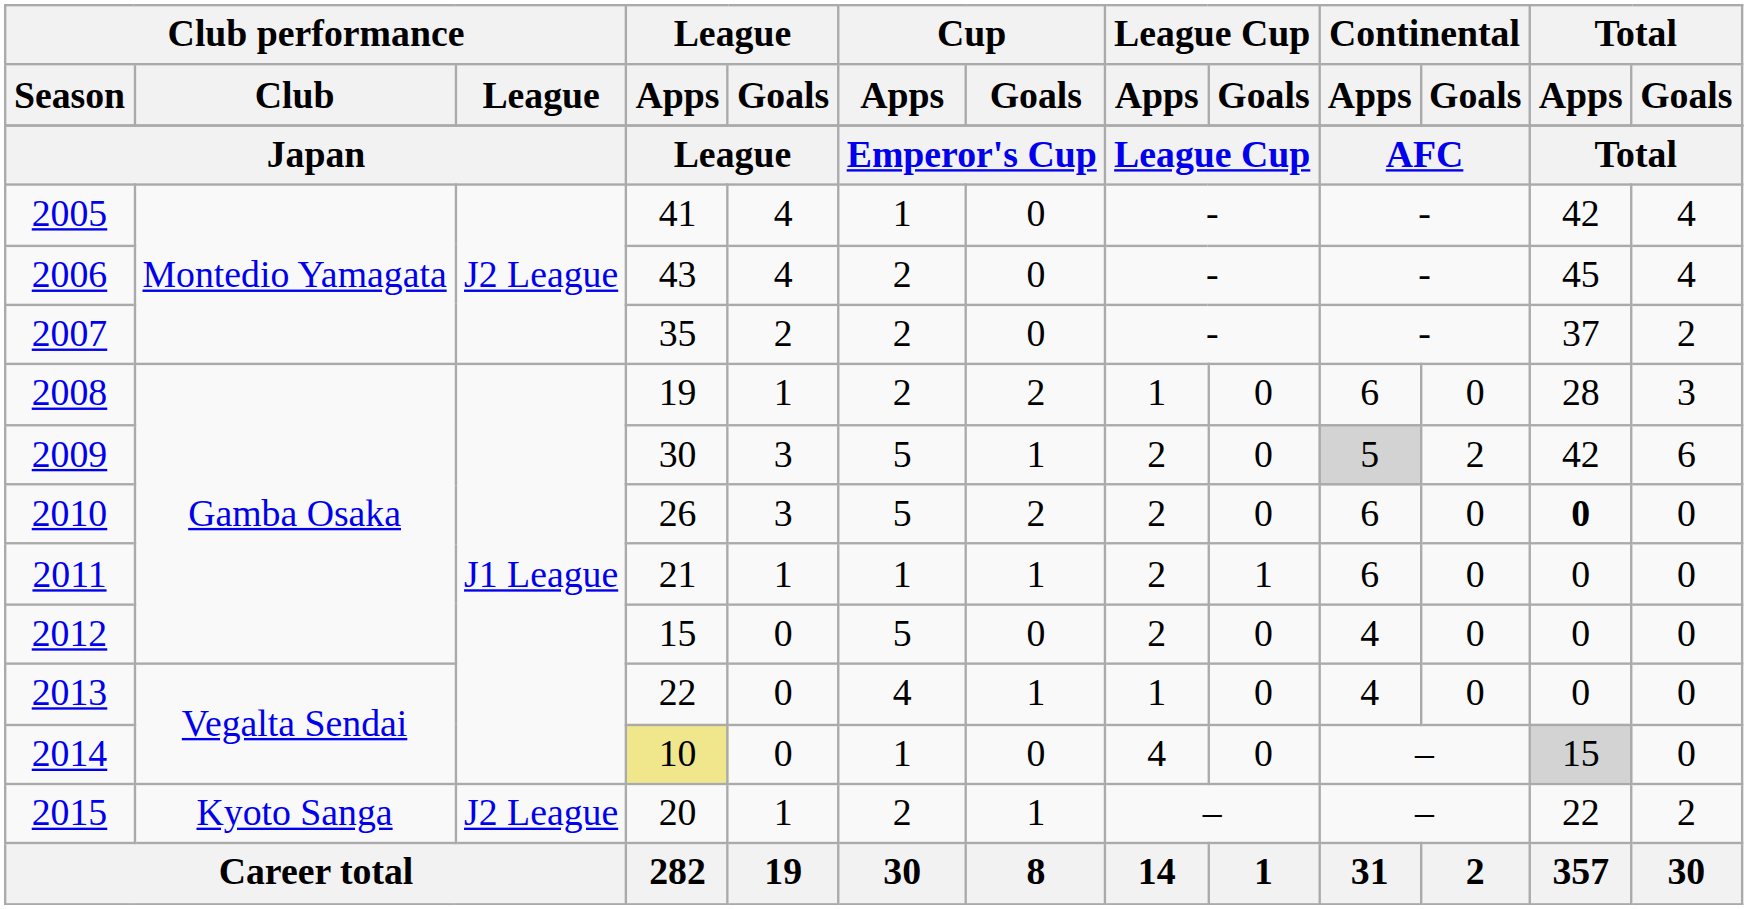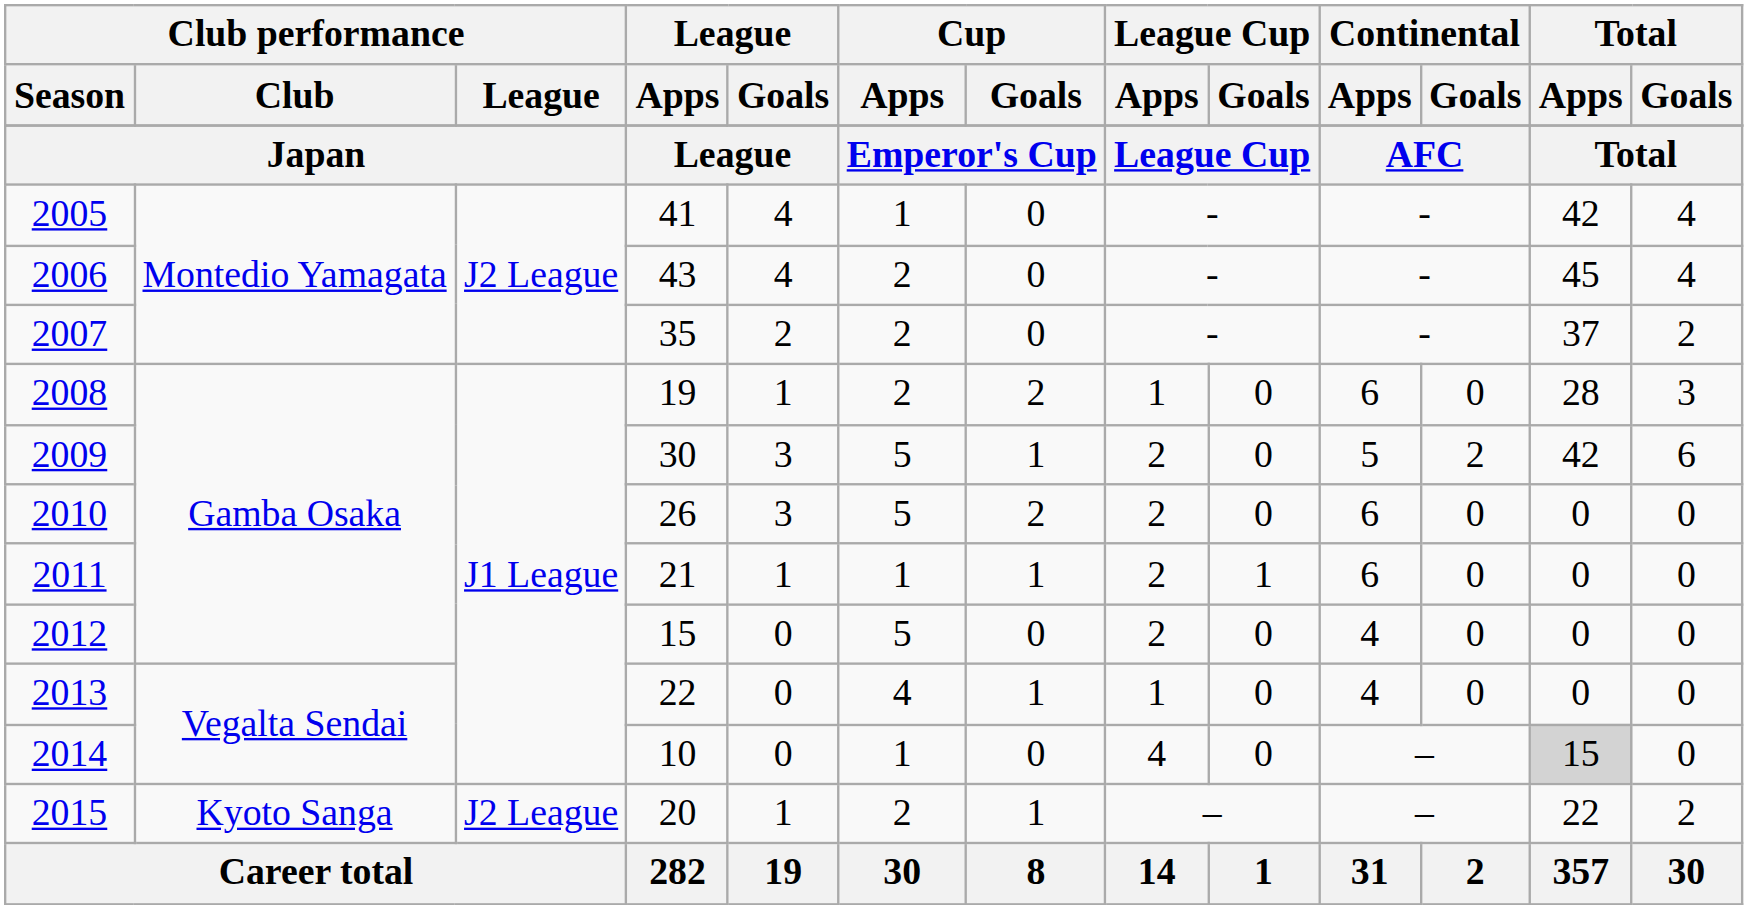 <table class="wikitable" style="text-align:center">
 <tr>
 <th colspan=3>Club performance</th>
 <th colspan=2>League</th>
 <th colspan=2>Cup</th>
 <th colspan=2>League Cup</th>
 <th colspan=2>Continental</th>
 <th colspan=2>Total</th>
 </tr>
 <tr>
 <th>Season</th>
 <th>Club</th>
 <th>League</th>
 <th>Apps</th>
 <th>Goals</th>
 <th>Apps</th>
 <th>Goals</th>
 <th>Apps</th>
 <th>Goals</th>
 <th>Apps</th>
 <th>Goals</th>
 <th>Apps</th>
 <th>Goals</th>
 </tr>
 <tr>
 </tr>
 <tr>
 <th colspan=3>Japan</th>
 <th colspan=2>League</th>
 <th colspan=2><a href='#'>Emperor's Cup</a></th>
 <th colspan=2><a href='#'>League Cup</a></th>
 <th colspan=2><a href='#'>AFC</a></th>
 <th colspan=2>Total</th>
 </tr>
 <tr>
 <td><a href='#'>2005</a></td>
 <td rowspan="3"><a href='#'>Montedio Yamagata</a></td>
 <td rowspan="3"><a href='#'>J2 League</a></td>
 <td>41</td>
 <td>4</td>
 <td>1</td>
 <td>0</td>
 <td colspan="2">-</td>
 <td colspan="2">-</td>
 <td>42</td>
 <td>4</td>
 </tr>
 <tr>
 <td><a href='#'>2006</a></td>
 <td>43</td>
 <td>4</td>
 <td>2</td>
 <td>0</td>
 <td colspan="2">-</td>
 <td colspan="2">-</td>
 <td>45</td>
 <td>4</td>
 </tr>
 <tr>
 <td><a href='#'>2007</a></td>
 <td>35</td>
 <td>2</td>
 <td>2</td>
 <td>0</td>
 <td colspan="2">-</td>
 <td colspan="2">-</td>
 <td>37</td>
 <td>2</td>
 </tr>
 <tr>
 <td><a href='#'>2008</a></td>
 <td rowspan="5"><a href='#'>Gamba Osaka</a></td>
 <td rowspan="7"><a href='#'>J1 League</a></td>
 <td>19</td>
 <td>1</td>
 <td>2</td>
 <td>2</td>
 <td>1</td>
 <td>0</td>
 <td>6</td>
 <td>0</td>
 <td>28</td>
 <td>3</td>
 </tr>
 <tr>
 <td><a href='#'>2009</a></td>
 <td>30</td>
 <td>3</td>
 <td>5</td>
 <td>1</td>
 <td>2</td>
 <td>0</td>
-<td style="background: lightgrey;">5</td>
+<td>5</td>
 <td>2</td>
 <td>42</td>
 <td>6</td>
 </tr>
 <tr>
 <td><a href='#'>2010</a></td>
 <td>26</td>
 <td>3</td>
 <td>5</td>
 <td>2</td>
 <td>2</td>
 <td>0</td>
 <td>6</td>
 <td>0</td>
-<td><strong>0</strong></td>
+<td>0</td>
 <td>0</td>
 </tr>
 <tr>
 <td><a href='#'>2011</a></td>
 <td>21</td>
 <td>1</td>
 <td>1</td>
 <td>1</td>
 <td>2</td>
 <td>1</td>
 <td>6</td>
 <td>0</td>
 <td>0</td>
 <td>0</td>
 </tr>
 <tr>
 <td><a href='#'>2012</a></td>
 <td>15</td>
 <td>0</td>
 <td>5</td>
 <td>0</td>
 <td>2</td>
 <td>0</td>
 <td>4</td>
 <td>0</td>
 <td>0</td>
 <td>0</td>
 </tr>
 <tr>
 <td><a href='#'>2013</a></td>
 <td rowspan="2"><a href='#'>Vegalta Sendai</a></td>
 <td>22</td>
 <td>0</td>
 <td>4</td>
 <td>1</td>
 <td>1</td>
 <td>0</td>
 <td>4</td>
 <td>0</td>
 <td>0</td>
 <td>0</td>
 </tr>
 <tr>
 <td><a href='#'>2014</a></td>
-<td style="background: khaki;">10</td>
+<td>10</td>
 <td>0</td>
 <td>1</td>
 <td>0</td>
 <td>4</td>
 <td>0</td>
 <td colspan="2">–</td>
 <td style="background: lightgrey;">15</td>
 <td>0</td>
 </tr>
 <tr>
 <td><a href='#'>2015</a></td>
 <td><a href='#'>Kyoto Sanga</a></td>
 <td><a href='#'>J2 League</a></td>
 <td>20</td>
 <td>1</td>
 <td>2</td>
 <td>1</td>
 <td colspan="2">–</td>
 <td colspan="2">–</td>
 <td>22</td>
 <td>2</td>
 </tr>
 <tr>
 <th colspan=3>Career total</th>
 <th>282</th>
 <th>19</th>
 <th>30</th>
 <th>8</th>
 <th>14</th>
 <th>1</th>
 <th>31</th>
 <th>2</th>
 <th>357</th>
 <th>30</th>
 </tr>
 </table>
